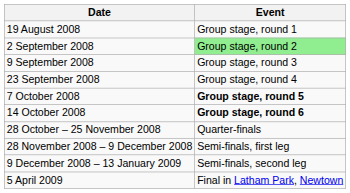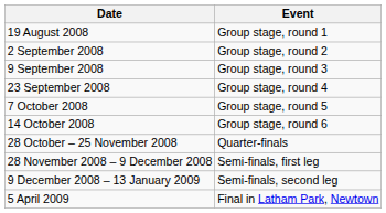 <table class="wikitable">
 <tr>
 <th>Date</th>
 <th>Event</th>
 </tr>
 <tr>
 <td>19 August 2008</td>
 <td>Group stage, round 1</td>
 </tr>
 <tr>
 <td>2 September 2008</td>
-<td style="background: lightgreen;">Group stage, round 2</td>
+<td>Group stage, round 2</td>
 </tr>
 <tr>
 <td>9 September 2008</td>
 <td>Group stage, round 3</td>
 </tr>
 <tr>
 <td>23 September 2008</td>
 <td>Group stage, round 4</td>
 </tr>
 <tr>
 <td>7 October 2008</td>
-<td><strong>Group stage, round 5</strong></td>
+<td>Group stage, round 5</td>
 </tr>
 <tr>
 <td>14 October 2008</td>
-<td><strong>Group stage, round 6</strong></td>
+<td>Group stage, round 6</td>
 </tr>
 <tr>
 <td>28 October – 25 November 2008</td>
 <td>Quarter-finals</td>
 </tr>
 <tr>
 <td>28 November 2008 – 9 December 2008</td>
 <td>Semi-finals, first leg</td>
 </tr>
 <tr>
 <td>9 December 2008 – 13 January 2009</td>
 <td>Semi-finals, second leg</td>
 </tr>
 <tr>
 <td>5 April 2009</td>
 <td>Final in <a href='#'>Latham Park</a>, <a href='#'>Newtown</a></td>
 </tr>
 </table>
